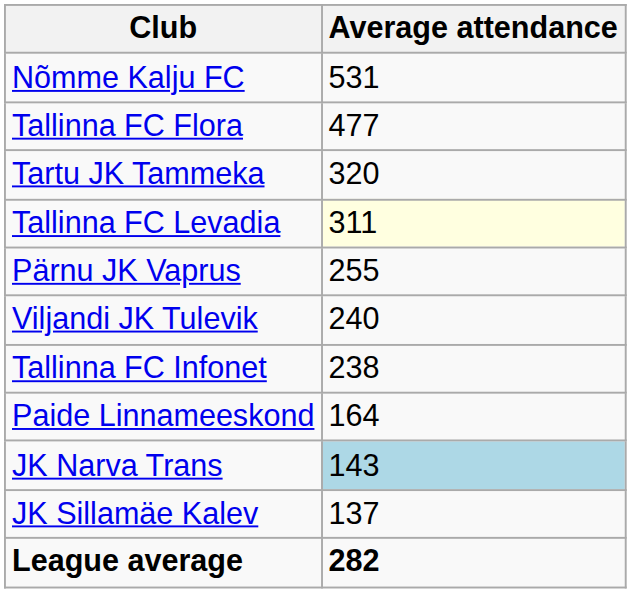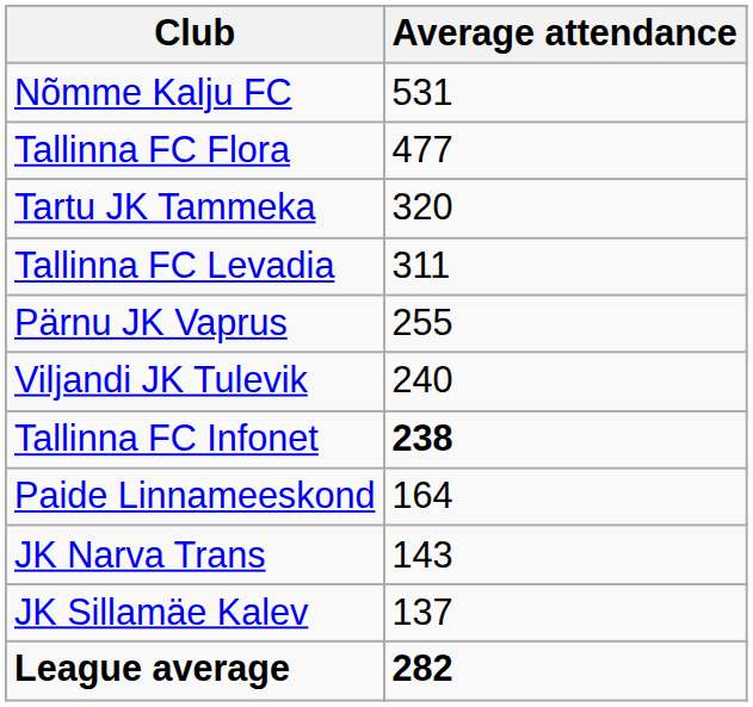 <table class="wikitable sortable">
 <tr>
 <th>Club</th>
 <th>Average attendance</th>
 </tr>
 <tr>
 <td><a href='#'>Nõmme Kalju FC</a></td>
 <td>531</td>
 </tr>
 <tr>
 <td><a href='#'>Tallinna FC Flora</a></td>
 <td>477</td>
 </tr>
 <tr>
 <td><a href='#'>Tartu JK Tammeka</a></td>
 <td>320</td>
 </tr>
 <tr>
 <td><a href='#'>Tallinna FC Levadia</a></td>
-<td style="background: lightyellow;">311</td>
+<td>311</td>
 </tr>
 <tr>
 <td><a href='#'>Pärnu JK Vaprus</a></td>
 <td>255</td>
 </tr>
 <tr>
 <td><a href='#'>Viljandi JK Tulevik</a></td>
 <td>240</td>
 </tr>
 <tr>
 <td><a href='#'>Tallinna FC Infonet</a></td>
-<td>238</td>
+<td><strong>238</strong></td>
 </tr>
 <tr>
 <td><a href='#'>Paide Linnameeskond</a></td>
 <td>164</td>
 </tr>
 <tr>
 <td><a href='#'>JK Narva Trans</a></td>
-<td style="background: lightblue;">143</td>
+<td>143</td>
 </tr>
 <tr>
 <td><a href='#'>JK Sillamäe Kalev</a></td>
 <td>137</td>
 </tr>
 <tr>
 <td><strong>League average</strong></td>
 <td><strong>282</strong></td>
 </tr>
 </table>
